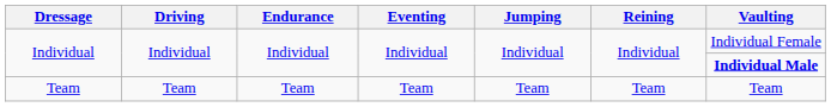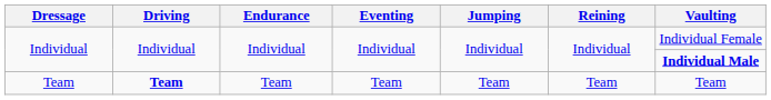 <table class="wikitable">
 <tr>
 <th width=175><a href='#'>Dressage</a></th>
 <th width=175><a href='#'>Driving</a></th>
 <th width=175><a href='#'>Endurance</a></th>
 <th width=175><a href='#'>Eventing</a></th>
 <th width=175><a href='#'>Jumping</a></th>
 <th width=175><a href='#'>Reining</a></th>
 <th width=175><a href='#'>Vaulting</a></th>
 </tr>
 <tr>
 <td rowspan="2" align="center"><a href='#'>Individual</a></td>
 <td rowspan="2" align="center"><a href='#'>Individual</a></td>
 <td rowspan="2" align="center"><a href='#'>Individual</a></td>
 <td rowspan="2" align="center"><a href='#'>Individual</a></td>
 <td rowspan="2" align="center"><a href='#'>Individual</a></td>
 <td rowspan="2" align="center"><a href='#'>Individual</a></td>
 <td align="center"><a href='#'>Individual Female</a></td>
 </tr>
 <tr>
 <td align="center"><strong><a href='#'>Individual Male</a></strong></td>
 </tr>
 <tr>
 <td align="center"><a href='#'>Team</a></td>
-<td align="center"><a href='#'>Team</a></td>
+<td align="center"><strong><a href='#'>Team</a></strong></td>
 <td align="center"><a href='#'>Team</a></td>
 <td align="center"><a href='#'>Team</a></td>
 <td align="center"><a href='#'>Team</a></td>
 <td align="center"><a href='#'>Team</a></td>
 <td align="center"><a href='#'>Team</a></td>
 </tr>
 </table>
